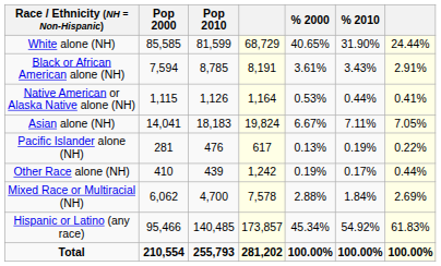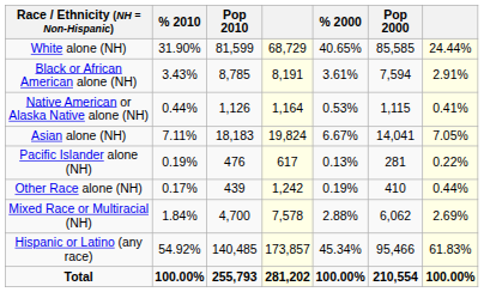 <table class="wikitable" style="text-align:center;">
 <tr>
 <th>Race / Ethnicity <small>(<em>NH = Non-Hispanic</em>)</small></th>
-<th>Pop 2000</th>
+<th>% 2010</th>
 <th>Pop 2010</th>
 <th></th>
 <th>% 2000</th>
-<th>% 2010</th>
+<th>Pop 2000</th>
 <th></th>
 </tr>
 <tr>
 <td><a href='#'>White</a> alone (NH)</td>
-<td>85,585</td>
+<td>31.90%</td>
 <td>81,599</td>
 <td style='background: #ffffe6;'>68,729</td>
 <td>40.65%</td>
-<td>31.90%</td>
+<td>85,585</td>
 <td style='background: #ffffe6;'>24.44%</td>
 </tr>
 <tr>
 <td><a href='#'>Black or African American</a> alone (NH)</td>
-<td>7,594</td>
+<td>3.43%</td>
 <td>8,785</td>
 <td style='background: #ffffe6;'>8,191</td>
 <td>3.61%</td>
-<td>3.43%</td>
+<td>7,594</td>
 <td style='background: #ffffe6;'>2.91%</td>
 </tr>
 <tr>
 <td><a href='#'>Native American</a> or <a href='#'>Alaska Native</a> alone (NH)</td>
-<td>1,115</td>
+<td>0.44%</td>
 <td>1,126</td>
 <td style='background: #ffffe6;'>1,164</td>
 <td>0.53%</td>
-<td>0.44%</td>
+<td>1,115</td>
 <td style='background: #ffffe6;'>0.41%</td>
 </tr>
 <tr>
 <td><a href='#'>Asian</a> alone (NH)</td>
-<td>14,041</td>
+<td>7.11%</td>
 <td>18,183</td>
 <td style='background: #ffffe6;'>19,824</td>
 <td>6.67%</td>
-<td>7.11%</td>
+<td>14,041</td>
 <td style='background: #ffffe6;'>7.05%</td>
 </tr>
 <tr>
 <td><a href='#'>Pacific Islander</a> alone (NH)</td>
-<td>281</td>
+<td>0.19%</td>
 <td>476</td>
 <td style='background: #ffffe6;'>617</td>
 <td>0.13%</td>
-<td>0.19%</td>
+<td>281</td>
 <td style='background: #ffffe6;'>0.22%</td>
 </tr>
 <tr>
 <td><a href='#'>Other Race</a> alone (NH)</td>
-<td>410</td>
+<td>0.17%</td>
 <td>439</td>
 <td style='background: #ffffe6;'>1,242</td>
 <td>0.19%</td>
-<td>0.17%</td>
+<td>410</td>
 <td style='background: #ffffe6;'>0.44%</td>
 </tr>
 <tr>
 <td><a href='#'>Mixed Race or Multiracial</a> (NH)</td>
-<td>6,062</td>
+<td>1.84%</td>
 <td>4,700</td>
 <td style='background: #ffffe6;'>7,578</td>
 <td>2.88%</td>
-<td>1.84%</td>
+<td>6,062</td>
 <td style='background: #ffffe6;'>2.69%</td>
 </tr>
 <tr>
 <td><a href='#'>Hispanic or Latino</a> (any race)</td>
-<td>95,466</td>
+<td>54.92%</td>
 <td>140,485</td>
 <td style='background: #ffffe6;'>173,857</td>
 <td>45.34%</td>
-<td>54.92%</td>
+<td>95,466</td>
 <td style='background: #ffffe6;'>61.83%</td>
 </tr>
 <tr>
 <td><strong>Total</strong></td>
-<td><strong>210,554</strong></td>
+<td><strong>100.00%</strong></td>
 <td><strong>255,793</strong></td>
 <td style='background: #ffffe6;'><strong>281,202</strong></td>
 <td><strong>100.00%</strong></td>
-<td><strong>100.00%</strong></td>
+<td><strong>210,554</strong></td>
 <td style='background: #ffffe6;'><strong>100.00%</strong></td>
 </tr>
 </table>
